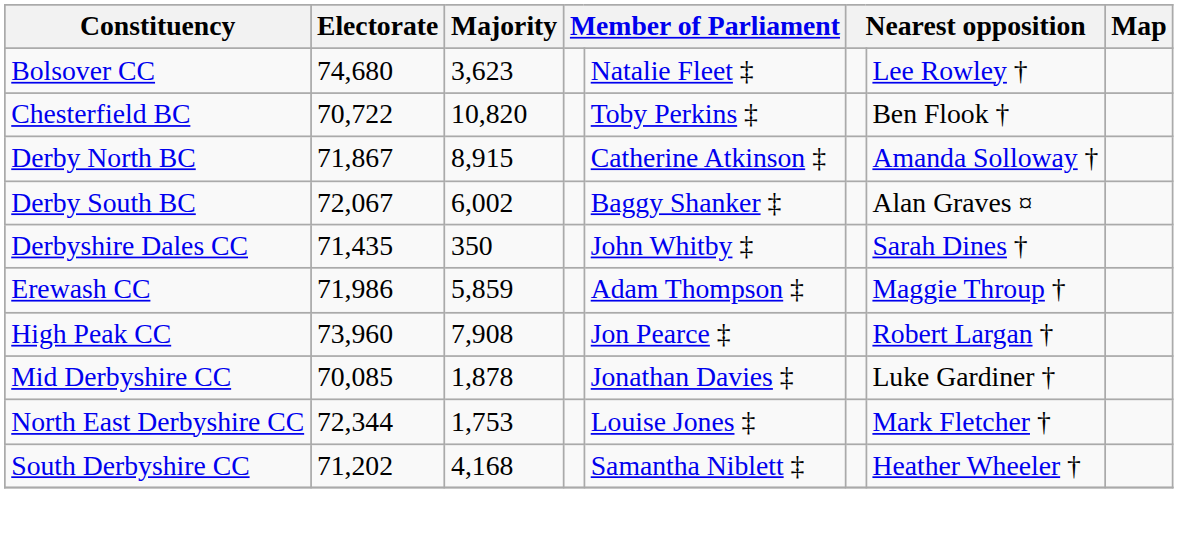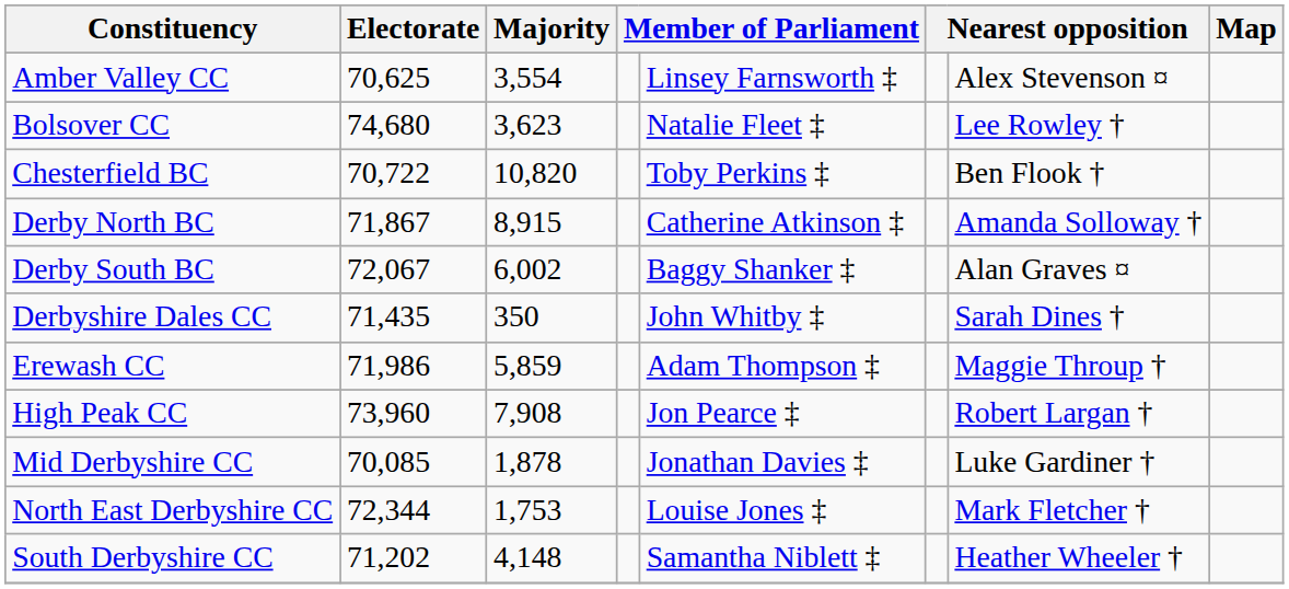 <table class="wikitable sortable">
 <tr>
 <th rowspan=1>Constituency</th>
 <th rowspan=1>Electorate</th>
 <th rowspan=1>Majority</th>
 <th colspan=2 class=unsortable><a href='#'>Member of Parliament</a></th>
 <th colspan=2 class=unsortable>Nearest opposition</th>
 <th rowspan=1 class=unsortable>Map</th>
+</tr>
+<tr>
+<td><a href='#'>Amber Valley CC</a></td>
+<td>70,625</td>
+<td>3,554</td>
+<td style="color:inherit;background:"> </td>
+<td><a href='#'>Linsey Farnsworth</a> ‡</td>
+<td style="color:inherit;background:"> </td>
+<td>Alex Stevenson ¤</td>
+<td></td>
 </tr>
 <tr>
 <td><a href='#'>Bolsover CC</a></td>
 <td>74,680</td>
 <td>3,623</td>
 <td style="color:inherit;background:"> </td>
 <td><a href='#'>Natalie Fleet</a> ‡</td>
 <td style="color:inherit;background:"> </td>
 <td><a href='#'>Lee Rowley</a> †</td>
 <td></td>
 </tr>
 <tr>
 <td><a href='#'>Chesterfield BC</a></td>
 <td>70,722</td>
 <td>10,820</td>
 <td style="color:inherit;background:"> </td>
 <td><a href='#'>Toby Perkins</a> ‡</td>
 <td style="color:inherit;background:"> </td>
 <td>Ben Flook †</td>
 <td></td>
 </tr>
 <tr>
 <td><a href='#'>Derby North BC</a></td>
 <td>71,867</td>
 <td>8,915</td>
 <td style="color:inherit;background:"> </td>
 <td><a href='#'>Catherine Atkinson</a> ‡</td>
 <td style="color:inherit;background:"> </td>
 <td><a href='#'>Amanda Solloway</a> †</td>
 <td></td>
 </tr>
 <tr>
 <td><a href='#'>Derby South BC</a></td>
 <td>72,067</td>
 <td>6,002</td>
 <td style="color:inherit;background:"> </td>
 <td><a href='#'>Baggy Shanker</a> ‡</td>
 <td style="color:inherit;background:"> </td>
 <td>Alan Graves ¤</td>
 <td></td>
 </tr>
 <tr>
 <td><a href='#'>Derbyshire Dales CC</a></td>
 <td>71,435</td>
 <td>350</td>
 <td style="color:inherit;background:"> </td>
 <td><a href='#'>John Whitby</a> ‡</td>
 <td style="color:inherit;background:"> </td>
 <td><a href='#'>Sarah Dines</a> †</td>
 <td></td>
 </tr>
 <tr>
 <td><a href='#'>Erewash CC</a></td>
 <td>71,986</td>
 <td>5,859</td>
 <td style="color:inherit;background:"> </td>
 <td><a href='#'>Adam Thompson</a> ‡</td>
 <td style="color:inherit;background:"> </td>
 <td><a href='#'>Maggie Throup</a> †</td>
 <td></td>
 </tr>
 <tr>
 <td><a href='#'>High Peak CC</a></td>
 <td>73,960</td>
 <td>7,908</td>
 <td style="color:inherit;background:"> </td>
 <td><a href='#'>Jon Pearce</a> ‡</td>
 <td style="color:inherit;background:"> </td>
 <td><a href='#'>Robert Largan</a> †</td>
 <td></td>
 </tr>
 <tr>
 <td><a href='#'>Mid Derbyshire CC</a></td>
 <td>70,085</td>
 <td>1,878</td>
 <td style="color:inherit;background:"> </td>
 <td><a href='#'>Jonathan Davies</a> ‡</td>
 <td style="color:inherit;background:"> </td>
 <td>Luke Gardiner †</td>
 <td></td>
 </tr>
 <tr>
 <td><a href='#'>North East Derbyshire CC</a></td>
 <td>72,344</td>
 <td>1,753</td>
 <td style="color:inherit;background:"> </td>
 <td><a href='#'>Louise Jones</a> ‡</td>
 <td style="color:inherit;background:"> </td>
 <td><a href='#'>Mark Fletcher</a> †</td>
 <td></td>
 </tr>
 <tr>
 <td><a href='#'>South Derbyshire CC</a></td>
 <td>71,202</td>
-<td>4,168</td>
+<td>4,148</td>
 <td style="color:inherit;background:"> </td>
 <td><a href='#'>Samantha Niblett</a> ‡</td>
 <td style="color:inherit;background:"> </td>
 <td><a href='#'>Heather Wheeler</a> †</td>
 <td></td>
 </tr>
 <tr>
 </tr>
 </table>
